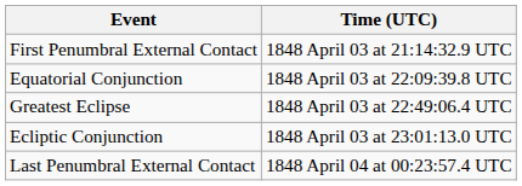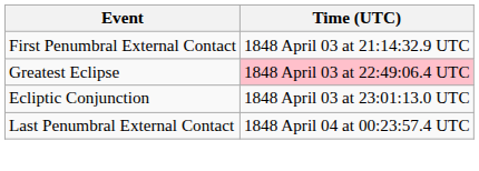 <table class="wikitable">
 <tr>
 <th>Event</th>
 <th>Time (UTC)</th>
 </tr>
 <tr>
 <td>First Penumbral External Contact</td>
 <td>1848 April 03 at 21:14:32.9 UTC</td>
 </tr>
 <tr>
-<td>Equatorial Conjunction</td>
-<td>1848 April 03 at 22:09:39.8 UTC</td>
-</tr>
-<tr>
 <td>Greatest Eclipse</td>
-<td>1848 April 03 at 22:49:06.4 UTC</td>
+<td style="background: pink;">1848 April 03 at 22:49:06.4 UTC</td>
 </tr>
 <tr>
 <td>Ecliptic Conjunction</td>
 <td>1848 April 03 at 23:01:13.0 UTC</td>
 </tr>
 <tr>
 <td>Last Penumbral External Contact</td>
 <td>1848 April 04 at 00:23:57.4 UTC</td>
 </tr>
 </table>
